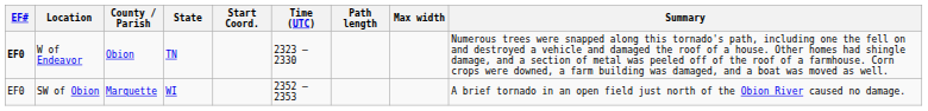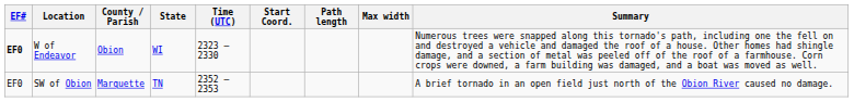 <table class="wikitable sortable" style="width:100%;">
 <tr>
 <th scope="col"  style="width:3%; text-align:center;"><a href='#'>EF#</a></th>
 <th scope="col"  style="width:7%; text-align:center;" class="unsortable">Location</th>
 <th scope="col"  style="width:6%; text-align:center;" class="unsortable">County / Parish</th>
 <th scope="col"  style="width:5%; text-align:center;">State</th>
+<th scope="col"  style="width:6%; text-align:center;">Time (<a href='#'>UTC</a>)</th>
 <th scope="col"  style="width:6%; text-align:center;">Start Coord.</th>
-<th scope="col"  style="width:6%; text-align:center;">Time (<a href='#'>UTC</a>)</th>
 <th scope="col"  style="width:6%; text-align:center;">Path length</th>
 <th scope="col"  style="width:6%; text-align:center;">Max width</th>
 <th scope="col" class="unsortable" style="width:48%; text-align:center;">Summary</th>
 </tr>
 <tr>
 <td><strong>EF0</strong></td>
 <td>W of <a href='#'>Endeavor</a></td>
 <td><a href='#'>Obion</a></td>
-<td><a href='#'>TN</a></td>
+<td><a href='#'>WI</a></td>
+<td>2323 – 2330</td>
 <td></td>
-<td>2323 – 2330</td>
 <td></td>
 <td></td>
 <td>Numerous trees were snapped along this tornado's path, including one the fell on and destroyed a vehicle and damaged the roof of a house. Other homes had shingle damage, and a section of metal was peeled off of the roof of a farmhouse. Corn crops were downed, a farm building was damaged, and a boat was moved as well.</td>
 </tr>
 <tr>
 <td>EF0</td>
 <td>SW of <a href='#'>Obion</a></td>
 <td><a href='#'>Marquette</a></td>
-<td><a href='#'>WI</a></td>
+<td><a href='#'>TN</a></td>
+<td>2352 – 2353</td>
 <td></td>
-<td>2352 – 2353</td>
 <td></td>
 <td></td>
 <td>A brief tornado in an open field just north of the <a href='#'>Obion River</a> caused no damage.</td>
 </tr>
 </table>
